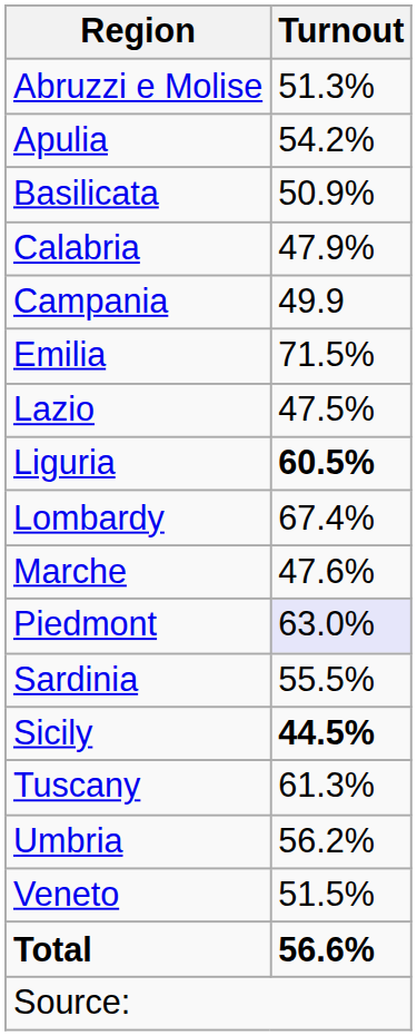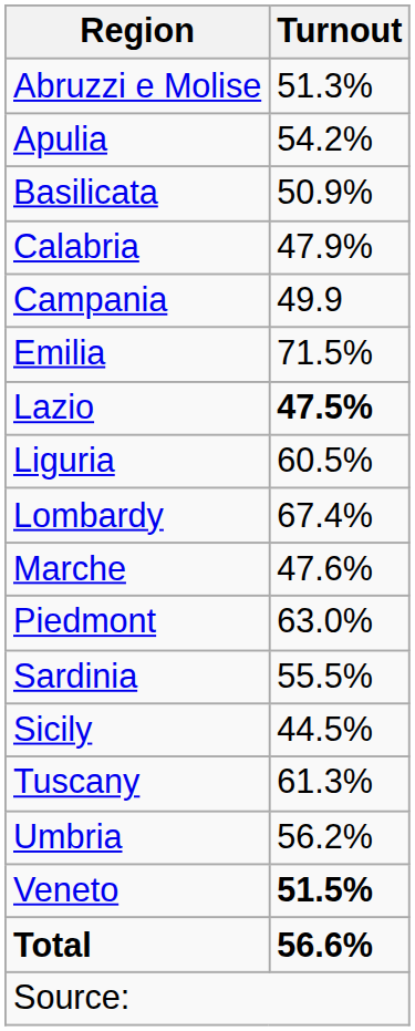 <table class="wikitable" style="text-align:left">
 <tr>
 <th>Region</th>
 <th>Turnout</th>
 </tr>
 <tr>
 <td><a href='#'>Abruzzi e Molise</a></td>
 <td>51.3%</td>
 </tr>
 <tr>
 <td><a href='#'>Apulia</a></td>
 <td>54.2%</td>
 </tr>
 <tr>
 <td><a href='#'>Basilicata</a></td>
 <td>50.9%</td>
 </tr>
 <tr>
 <td><a href='#'>Calabria</a></td>
 <td>47.9%</td>
 </tr>
 <tr>
 <td><a href='#'>Campania</a></td>
 <td>49.9</td>
 </tr>
 <tr>
 <td><a href='#'>Emilia</a></td>
 <td>71.5%</td>
 </tr>
 <tr>
 <td><a href='#'>Lazio</a></td>
-<td>47.5%</td>
+<td><strong>47.5%</strong></td>
 </tr>
 <tr>
 <td><a href='#'>Liguria</a></td>
-<td><strong>60.5%</strong></td>
+<td>60.5%</td>
 </tr>
 <tr>
 <td><a href='#'>Lombardy</a></td>
 <td>67.4%</td>
 </tr>
 <tr>
 <td><a href='#'>Marche</a></td>
 <td>47.6%</td>
 </tr>
 <tr>
 <td><a href='#'>Piedmont</a></td>
-<td style="background: lavender;">63.0%</td>
+<td>63.0%</td>
 </tr>
 <tr>
 <td><a href='#'>Sardinia</a></td>
 <td>55.5%</td>
 </tr>
 <tr>
 <td><a href='#'>Sicily</a></td>
-<td><strong>44.5%</strong></td>
+<td>44.5%</td>
 </tr>
 <tr>
 <td><a href='#'>Tuscany</a></td>
 <td>61.3%</td>
 </tr>
 <tr>
 <td><a href='#'>Umbria</a></td>
 <td>56.2%</td>
 </tr>
 <tr>
 <td><a href='#'>Veneto</a></td>
-<td>51.5%</td>
+<td><strong>51.5%</strong></td>
 </tr>
 <tr>
 <td><strong>Total</strong></td>
 <td><strong>56.6%</strong></td>
 </tr>
 <tr>
 <td colspan="2">Source: </td>
 </tr>
 </table>
